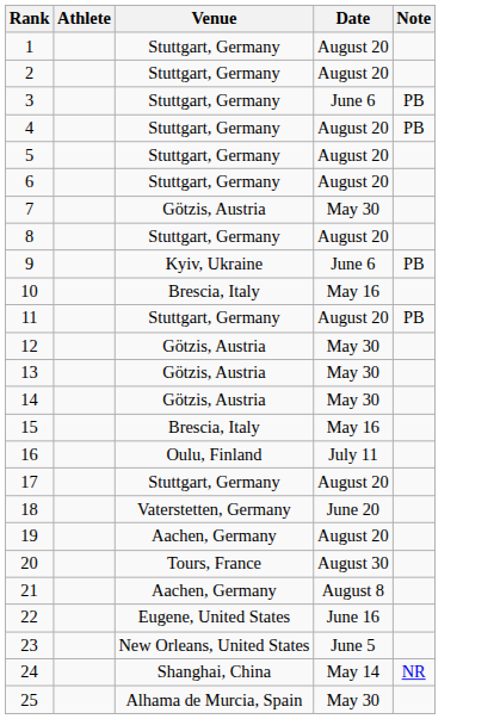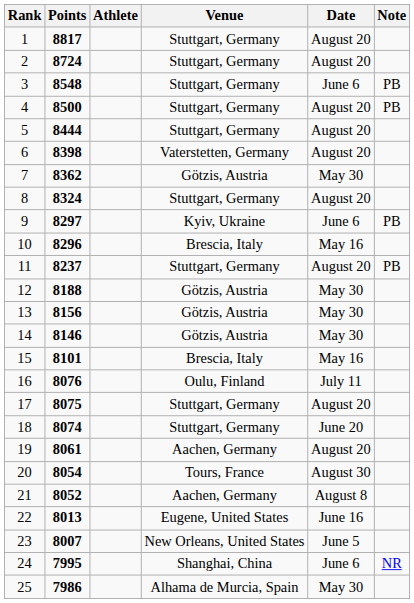 <table class="wikitable" style=" text-align:center;">
 <tr>
 <th>Rank</th>
+<th>Points</th>
 <th>Athlete</th>
 <th>Venue</th>
 <th>Date</th>
 <th>Note</th>
 </tr>
 <tr>
 <td>1</td>
+<td><strong>8817</strong></td>
 <td align=left></td>
 <td>Stuttgart, Germany</td>
 <td>August 20</td>
 <td></td>
 </tr>
 <tr>
 <td>2</td>
+<td><strong>8724</strong></td>
 <td align=left></td>
 <td>Stuttgart, Germany</td>
 <td>August 20</td>
 <td></td>
 </tr>
 <tr>
 <td>3</td>
+<td><strong>8548</strong></td>
 <td align=left></td>
 <td>Stuttgart, Germany</td>
 <td>June 6</td>
 <td>PB</td>
 </tr>
 <tr>
 <td>4</td>
+<td><strong>8500</strong></td>
 <td align=left></td>
 <td>Stuttgart, Germany</td>
 <td>August 20</td>
 <td>PB</td>
 </tr>
 <tr>
 <td>5</td>
+<td><strong>8444</strong></td>
 <td align=left></td>
 <td>Stuttgart, Germany</td>
 <td>August 20</td>
 <td></td>
 </tr>
 <tr>
 <td>6</td>
+<td><strong>8398</strong></td>
 <td align=left></td>
-<td>Stuttgart, Germany</td>
+<td>Vaterstetten, Germany</td>
 <td>August 20</td>
 <td></td>
 </tr>
 <tr>
 <td>7</td>
+<td><strong>8362</strong></td>
 <td align=left></td>
 <td>Götzis, Austria</td>
 <td>May 30</td>
 <td></td>
 </tr>
 <tr>
 <td>8</td>
+<td><strong>8324</strong></td>
 <td align=left></td>
 <td>Stuttgart, Germany</td>
 <td>August 20</td>
 <td></td>
 </tr>
 <tr>
 <td>9</td>
+<td><strong>8297</strong></td>
 <td align=left></td>
 <td>Kyiv, Ukraine</td>
 <td>June 6</td>
 <td>PB</td>
 </tr>
 <tr>
 <td>10</td>
+<td><strong>8296</strong></td>
 <td align=left></td>
 <td>Brescia, Italy</td>
 <td>May 16</td>
 <td></td>
 </tr>
 <tr>
 <td>11</td>
+<td><strong>8237</strong></td>
 <td align=left></td>
 <td>Stuttgart, Germany</td>
 <td>August 20</td>
 <td>PB</td>
 </tr>
 <tr>
 <td>12</td>
+<td><strong>8188</strong></td>
 <td align=left></td>
 <td>Götzis, Austria</td>
 <td>May 30</td>
 <td></td>
 </tr>
 <tr>
 <td>13</td>
+<td><strong>8156</strong></td>
 <td align=left></td>
 <td>Götzis, Austria</td>
 <td>May 30</td>
 <td></td>
 </tr>
 <tr>
 <td>14</td>
+<td><strong>8146</strong></td>
 <td align=left></td>
 <td>Götzis, Austria</td>
 <td>May 30</td>
 <td></td>
 </tr>
 <tr>
 <td>15</td>
+<td><strong>8101</strong></td>
 <td align=left></td>
 <td>Brescia, Italy</td>
 <td>May 16</td>
 <td></td>
 </tr>
 <tr>
 <td>16</td>
+<td><strong>8076</strong></td>
 <td align=left></td>
 <td>Oulu, Finland</td>
 <td>July 11</td>
 <td></td>
 </tr>
 <tr>
 <td>17</td>
+<td><strong>8075</strong></td>
 <td align=left></td>
 <td>Stuttgart, Germany</td>
 <td>August 20</td>
 <td></td>
 </tr>
 <tr>
 <td>18</td>
+<td><strong>8074</strong></td>
 <td align=left></td>
-<td>Vaterstetten, Germany</td>
+<td>Stuttgart, Germany</td>
 <td>June 20</td>
 <td></td>
 </tr>
 <tr>
 <td>19</td>
+<td><strong>8061</strong></td>
 <td align=left></td>
 <td>Aachen, Germany</td>
 <td>August 20</td>
 <td></td>
 </tr>
 <tr>
 <td>20</td>
+<td><strong>8054</strong></td>
 <td align=left></td>
 <td>Tours, France</td>
 <td>August 30</td>
 <td></td>
 </tr>
 <tr>
 <td>21</td>
+<td><strong>8052</strong></td>
 <td align=left></td>
 <td>Aachen, Germany</td>
 <td>August 8</td>
 <td></td>
 </tr>
 <tr>
 <td>22</td>
+<td><strong>8013</strong></td>
 <td align=left></td>
 <td>Eugene, United States</td>
 <td>June 16</td>
 <td></td>
 </tr>
 <tr>
 <td>23</td>
+<td><strong>8007</strong></td>
 <td align=left></td>
 <td>New Orleans, United States</td>
 <td>June 5</td>
 <td></td>
 </tr>
 <tr>
 <td>24</td>
+<td><strong>7995</strong></td>
 <td align=left></td>
 <td>Shanghai, China</td>
-<td>May 14</td>
+<td>June 6</td>
 <td><a href='#'>NR</a></td>
 </tr>
 <tr>
 <td>25</td>
+<td><strong>7986</strong></td>
 <td align=left></td>
 <td>Alhama de Murcia, Spain</td>
 <td>May 30</td>
 <td></td>
 </tr>
 </table>
